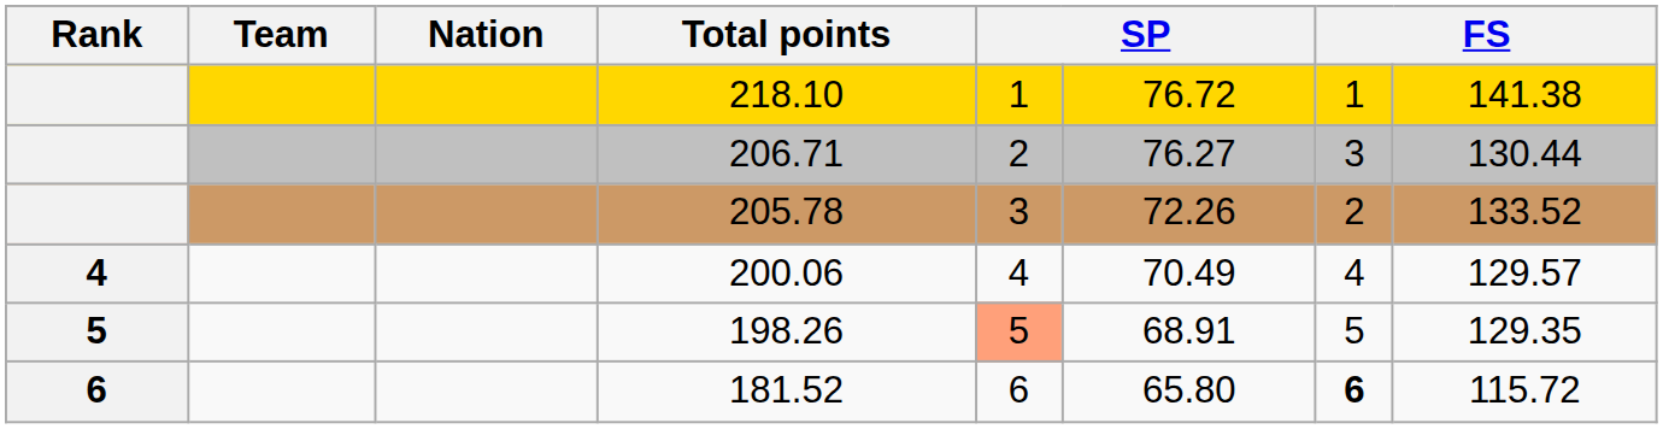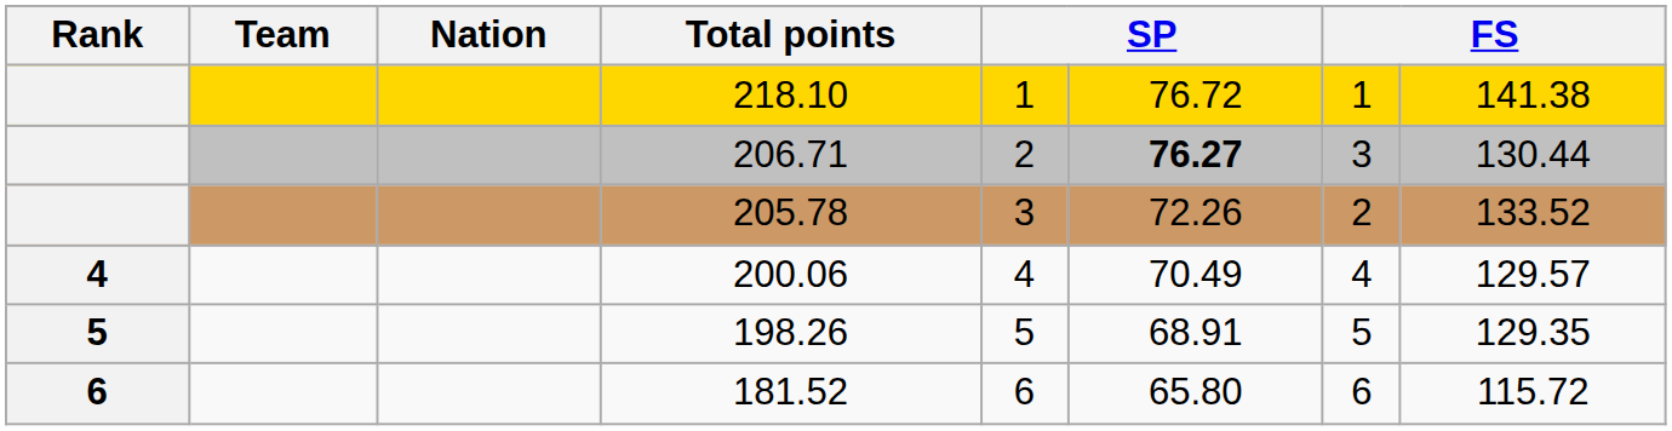 <table class="wikitable sortable" style="text-align:center;" width="80%">
 <tr>
 <th scope="col">Rank</th>
 <th scope="col">Team</th>
 <th scope="col">Nation</th>
 <th scope="col">Total points</th>
 <th scope="col" colspan="2" width="80px"><a href='#'>SP</a></th>
 <th scope="col" colspan="2" width="80px"><a href='#'>FS</a></th>
 </tr>
 <tr bgcolor="gold">
 <th scope="row"></th>
 <td align="left"></td>
 <td align="left"></td>
 <td>218.10</td>
 <td>1</td>
 <td>76.72</td>
 <td>1</td>
 <td>141.38</td>
 </tr>
 <tr bgcolor="silver">
 <th scope="row"></th>
 <td align="left"></td>
 <td align="left"></td>
 <td>206.71</td>
 <td>2</td>
-<td>76.27</td>
+<td><strong>76.27</strong></td>
 <td>3</td>
 <td>130.44</td>
 </tr>
 <tr bgcolor="cc9966">
 <th scope="row"></th>
 <td align="left"></td>
 <td align="left"></td>
 <td>205.78</td>
 <td>3</td>
 <td>72.26</td>
 <td>2</td>
 <td>133.52</td>
 </tr>
 <tr>
 <th scope="row">4</th>
 <td align="left"></td>
 <td align="left"></td>
 <td>200.06</td>
 <td>4</td>
 <td>70.49</td>
 <td>4</td>
 <td>129.57</td>
 </tr>
 <tr>
 <th scope="row">5</th>
 <td align="left"></td>
 <td align="left"></td>
 <td>198.26</td>
-<td style="background: lightsalmon;">5</td>
+<td>5</td>
 <td>68.91</td>
 <td>5</td>
 <td>129.35</td>
 </tr>
 <tr>
 <th scope="row">6</th>
 <td align="left"></td>
 <td align="left"></td>
 <td>181.52</td>
 <td>6</td>
 <td>65.80</td>
-<td><strong>6</strong></td>
+<td>6</td>
 <td>115.72</td>
 </tr>
 </table>
